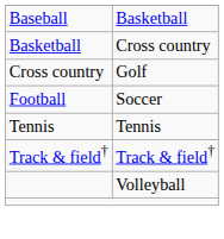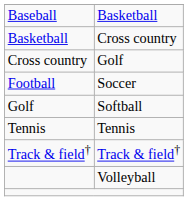 <table class="wikitable" style=" ;">
 <tr>
 </tr>
 <tr>
 <td><a href='#'>Baseball</a></td>
 <td><a href='#'>Basketball</a></td>
 </tr>
 <tr>
 <td><a href='#'>Basketball</a></td>
 <td>Cross country</td>
 </tr>
 <tr>
 <td>Cross country</td>
 <td>Golf</td>
 </tr>
 <tr>
 <td><a href='#'>Football</a></td>
 <td>Soccer</td>
 </tr>
 <tr>
+<td>Golf</td>
+<td>Softball</td>
+</tr>
+<tr>
 <td>Tennis</td>
 <td>Tennis</td>
 </tr>
 <tr>
 <td><a href='#'>Track & field</a><sup>†</sup></td>
 <td><a href='#'>Track & field</a><sup>†</sup></td>
 </tr>
 <tr>
 <td></td>
 <td>Volleyball</td>
 </tr>
 <tr>
 <td colspan="2"></td>
 </tr>
 </table>
